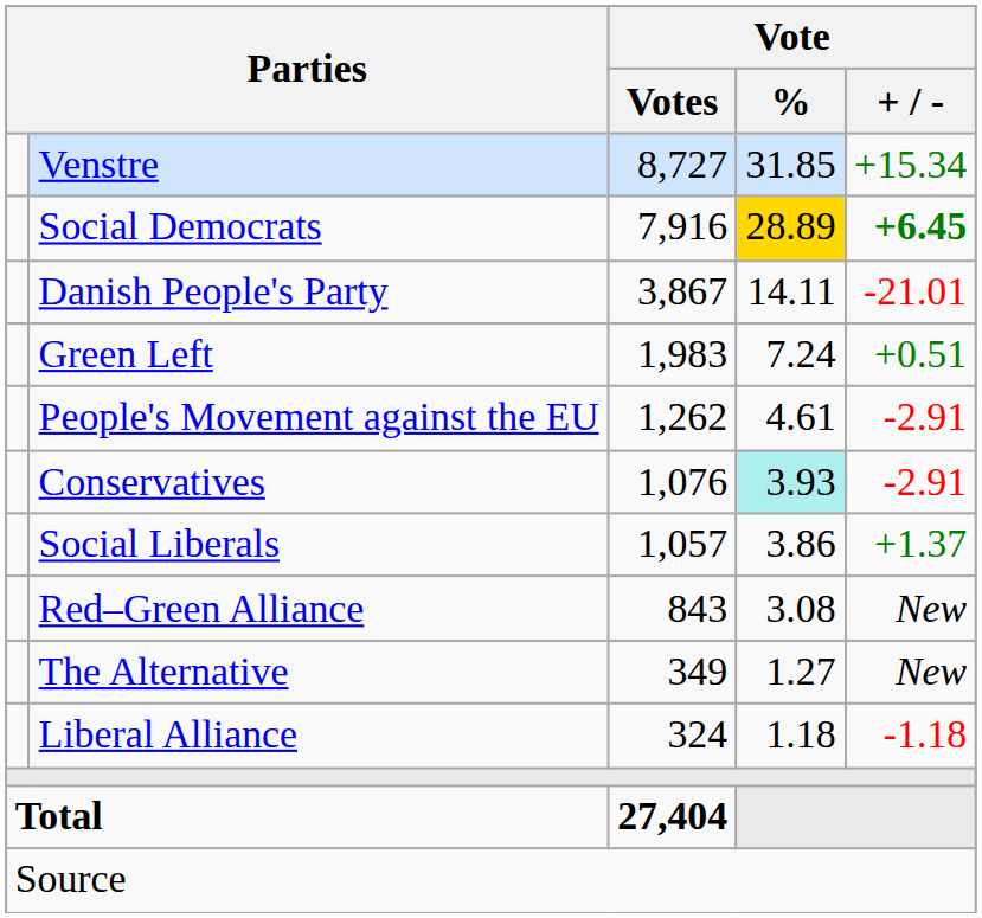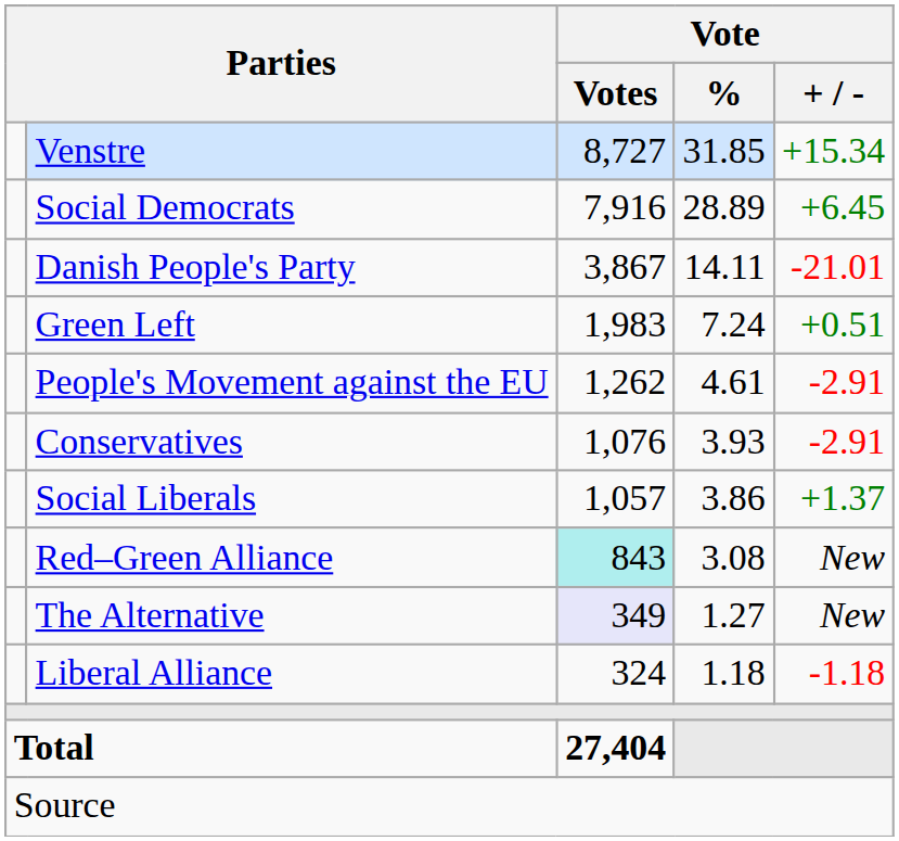 <table class="wikitable" style="text-align:right;">
 <tr>
 <th style="text-align:centre;" rowspan="2" colspan="2" width="225">Parties</th>
 <th colspan="3">Vote</th>
 </tr>
 <tr>
 <th width="15">Votes</th>
 <th width="15">%</th>
 <th width="15">+ / -</th>
 </tr>
 <tr>
 <td width="2" style="color:inherit;background:"></td>
 <td bgcolor=#cfe5fe   align="left"><a href='#'>Venstre</a></td>
 <td bgcolor=#cfe5fe>8,727</td>
 <td bgcolor=#cfe5fe>31.85</td>
 <td style=color:green;>+15.34</td>
 </tr>
 <tr>
 <td width="2" style="color:inherit;background:"></td>
 <td align="left"><a href='#'>Social Democrats</a></td>
 <td>7,916</td>
-<td style="background: gold;">28.89</td>
-<td style=color:green;><strong>+6.45</strong></td>
+<td>28.89</td>
+<td style=color:green;>+6.45</td>
 </tr>
 <tr>
 <td width="2" style="color:inherit;background:"></td>
 <td align="left"><a href='#'>Danish People's Party</a></td>
 <td>3,867</td>
 <td>14.11</td>
 <td style=color:red;>-21.01</td>
 </tr>
 <tr>
 <td width="2" style="color:inherit;background:"></td>
 <td align="left"><a href='#'>Green Left</a></td>
 <td>1,983</td>
 <td>7.24</td>
 <td style=color:green;>+0.51</td>
 </tr>
 <tr>
 <td width="2" style="color:inherit;background:"></td>
 <td align="left"><a href='#'>People's Movement against the EU</a></td>
 <td>1,262</td>
 <td>4.61</td>
 <td style=color:red;>-2.91</td>
 </tr>
 <tr>
 <td width="2" style="color:inherit;background:"></td>
 <td align="left"><a href='#'>Conservatives</a></td>
 <td>1,076</td>
-<td style="background: paleturquoise;">3.93</td>
+<td>3.93</td>
 <td style=color:red;>-2.91</td>
 </tr>
 <tr>
 <td width="2" style="color:inherit;background:"></td>
 <td align="left"><a href='#'>Social Liberals</a></td>
 <td>1,057</td>
 <td>3.86</td>
 <td style=color:green;>+1.37</td>
 </tr>
 <tr>
 <td width="2" style="color:inherit;background:"></td>
 <td align="left"><a href='#'>Red–Green Alliance</a></td>
-<td>843</td>
+<td style="background: paleturquoise;">843</td>
 <td>3.08</td>
 <td><em>New</em></td>
 </tr>
 <tr>
 <td width="2" style="color:inherit;background:"></td>
 <td align="left"><a href='#'>The Alternative</a></td>
-<td>349</td>
+<td style="background: lavender;">349</td>
 <td>1.27</td>
 <td><em>New</em></td>
 </tr>
 <tr>
 <td width="2" style="color:inherit;background:"></td>
 <td align="left"><a href='#'>Liberal Alliance</a></td>
 <td>324</td>
 <td>1.18</td>
 <td style=color:red;>-1.18</td>
 </tr>
 <tr>
 <td colspan="7" bgcolor="#E9E9E9"></td>
 </tr>
 <tr>
 <td align="left" colspan="2"><strong>Total</strong></td>
 <td><strong>27,404</strong></td>
 <td bgcolor="#E9E9E9" colspan="2"></td>
 </tr>
 <tr>
 <td align="left" colspan="6">Source</td>
 </tr>
 </table>
